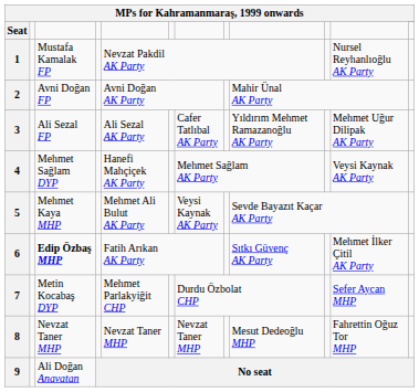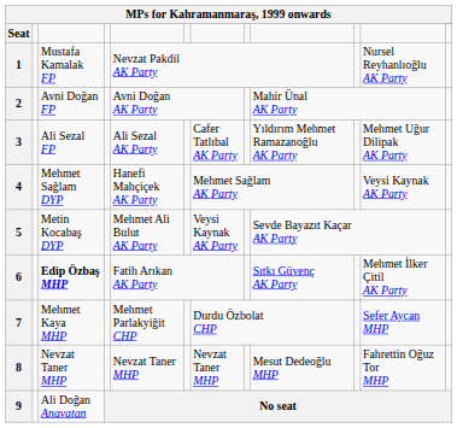 <table class="wikitable">
 <tr>
 <th colspan = 12>MPs for Kahramanmaraş, 1999 onwards</th>
 </tr>
 <tr>
 <th rowspan = 2>Seat</th>
 <td rowspan="2" style="width:1px;"></td>
 <td rowspan = 2></td>
 <td rowspan="2" style="width:1px;"></td>
 <td rowspan = 2></td>
 <td rowspan="2" style="width:1px;"></td>
 <td rowspan = 2></td>
 <td rowspan="2" style="width:1px;"></td>
 <td rowspan = 2></td>
 <td rowspan="2" style="width:1px;"></td>
 <td rowspan = 2></td>
 </tr>
 <tr>
 <td></td>
 </tr>
 <tr>
 <th>1</th>
 <td width=1px style="background-color: "></td>
 <td colspan = 1>Mustafa Kamalak<br><em><a href='#'>FP</a></em></td>
 <td width=1px style="background-color: "></td>
 <td colspan = 5>Nevzat Pakdil<br><em><a href='#'>AK Party</a></em></td>
 <td width=1px style="background-color: "></td>
 <td colspan = 1>Nursel Reyhanlıoğlu<br><em><a href='#'>AK Party</a></em></td>
 <td width=1px style="background-color: "></td>
 </tr>
 <tr>
 <th>2</th>
 <td width=1px style="background-color: "></td>
 <td colspan = 1>Avni Doğan<br><em><a href='#'>FP</a></em></td>
 <td width=1px style="background-color: "></td>
 <td colspan = 3>Avni Doğan<br><em><a href='#'>AK Party</a></em></td>
 <td width=1px style="background-color: "></td>
 <td colspan = 3>Mahir Ünal<br><em><a href='#'>AK Party</a></em></td>
 <td width=1px style="background-color: "></td>
 </tr>
 <tr>
 <th>3</th>
 <td width=1px style="background-color: "></td>
 <td colspan = 1>Ali Sezal<br><em><a href='#'>FP</a></em></td>
 <td width=1px style="background-color: "></td>
 <td colspan = 1>Ali Sezal<br><em><a href='#'>AK Party</a></em></td>
 <td width=1px style="background-color: "></td>
 <td colspan = 1>Cafer Tatlıbal<br><em><a href='#'>AK Party</a></em></td>
 <td width=1px style="background-color: "></td>
 <td colspan = 1>Yıldırım Mehmet Ramazanoğlu<br><em><a href='#'>AK Party</a></em></td>
 <td width=1px style="background-color: "></td>
 <td colspan = 1>Mehmet Uğur Dilipak<br><em><a href='#'>AK Party</a></em></td>
 <td width=1px style="background-color: "></td>
 </tr>
 <tr>
 <th>4</th>
 <td width=1px style="background-color: "></td>
 <td colspan = 1>Mehmet Sağlam<br><em><a href='#'>DYP</a></em></td>
 <td width=1px style="background-color: "></td>
 <td colspan = 1>Hanefi Mahçiçek<br><em><a href='#'>AK Party</a></em></td>
 <td width=1px style="background-color: "></td>
 <td colspan = 3>Mehmet Sağlam<br><em><a href='#'>AK Party</a></em></td>
 <td width=1px style="background-color: "></td>
 <td colspan = 1>Veysi Kaynak<br><em><a href='#'>AK Party</a></em></td>
 <td width=1px style="background-color: "></td>
 </tr>
 <tr>
 <th>5</th>
 <td width=1px style="background-color: "></td>
-<td colspan = 1>Mehmet Kaya<br><em><a href='#'>MHP</a></em></td>
+<td colspan = 1>Metin Kocabaş<br><em><a href='#'>DYP</a></em></td>
 <td width=1px style="background-color: "></td>
 <td colspan = 1>Mehmet Ali Bulut<br><em><a href='#'>AK Party</a></em></td>
 <td width=1px style="background-color: "></td>
 <td colspan = 1>Veysi Kaynak<br><em><a href='#'>AK Party</a></em></td>
 <td width=1px style="background-color: "></td>
 <td colspan = 3>Sevde Bayazıt Kaçar<br><em><a href='#'>AK Party</a></em></td>
 <td width=1px style="background-color: "></td>
 </tr>
 <tr>
 <th>6</th>
 <td width=1px style="background-color: "></td>
 <td colspan = 1><strong>Edip Özbaş<br><em><a href='#'>MHP</a></em></strong></td>
 <td width=1px style="background-color: "></td>
 <td colspan = 3>Fatih Arıkan<br><em><a href='#'>AK Party</a></em></td>
 <td width=1px style="background-color: "></td>
 <td colspan = 1><a href='#'>Sıtkı Güvenç</a><br><em><a href='#'>AK Party</a></em></td>
 <td width=1px style="background-color: "></td>
 <td colspan = 1>Mehmet İlker Çitil<br><em><a href='#'>AK Party</a></em></td>
 <td width=1px style="background-color: "></td>
 </tr>
 <tr>
 <th>7</th>
 <td width=1px style="background-color: "></td>
-<td colspan = 1>Metin Kocabaş<br><em><a href='#'>DYP</a></em></td>
+<td colspan = 1>Mehmet Kaya<br><em><a href='#'>MHP</a></em></td>
 <td width=1px style="background-color: "></td>
 <td colspan = 1>Mehmet Parlakyiğit<br><em><a href='#'>CHP</a></em></td>
 <td width=1px style="background-color: "></td>
 <td colspan = 3>Durdu Özbolat<br><em><a href='#'>CHP</a></em></td>
 <td width=1px style="background-color: "></td>
 <td colspan = 1><a href='#'>Sefer Aycan</a><br><em><a href='#'>MHP</a></em></td>
 <td width=1px style="background-color: "></td>
 </tr>
 <tr>
 <th>8</th>
 <td width=1px style="background-color: "></td>
 <td colspan = 1>Nevzat Taner<br><em><a href='#'>MHP</a></em></td>
 <td width=1px style="background-color: "></td>
 <td colspan = 1>Nevzat Taner<br><em><a href='#'>MHP</a></em></td>
 <td width=1px style="background-color: "></td>
 <td colspan = 1>Nevzat Taner<br><em><a href='#'>MHP</a></em></td>
 <td width=1px style="background-color: "></td>
 <td colspan = 1>Mesut Dedeoğlu<br><em><a href='#'>MHP</a></em></td>
 <td width=1px style="background-color: "></td>
 <td colspan = 1>Fahrettin Oğuz Tor<br><em><a href='#'>MHP</a></em></td>
 <td width=1px style="background-color: "></td>
 </tr>
 <tr>
 <th>9</th>
 <td width=1px style="background-color: "></td>
 <td colspan = 1>Ali Doğan<br><em><a href='#'>Anavatan</a></em></td>
 <th colspan = 9>No seat</th>
 </tr>
 </table>
